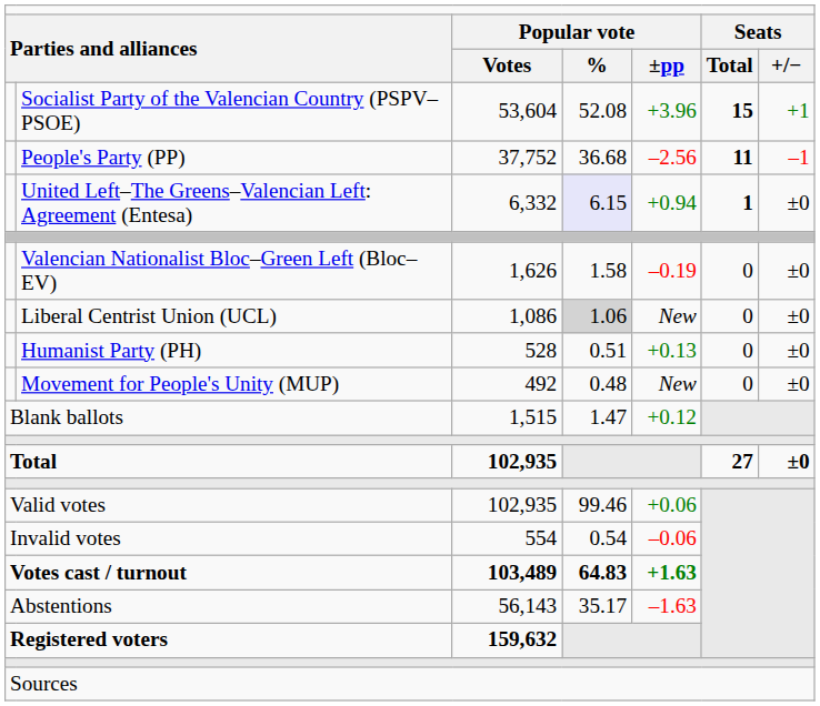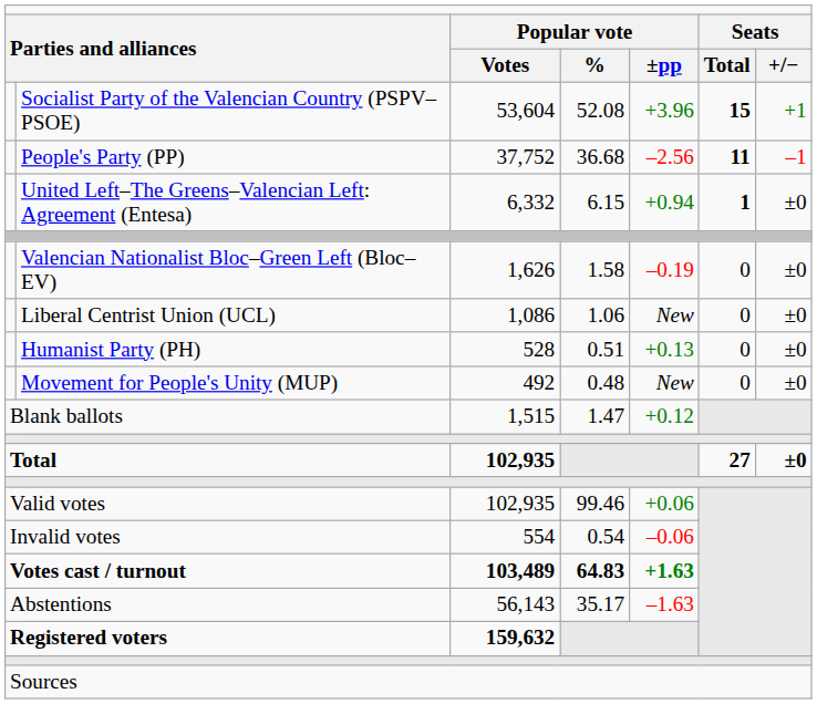 <table class="wikitable" style="text-align:right;">
 <tr>
 <td colspan="7"></td>
 </tr>
 <tr>
 <th style="text-align:left;" rowspan="2" colspan="2" width="525">Parties and alliances</th>
 <th colspan="3">Popular vote</th>
 <th colspan="2">Seats</th>
 </tr>
 <tr>
 <th width="75">Votes</th>
 <th width="45">%</th>
 <th width="45">±<a href='#'>pp</a></th>
 <th width="35">Total</th>
 <th width="35">+/−</th>
 </tr>
 <tr>
 <td width="1" style="color:inherit;background:"></td>
 <td align="left"><a href='#'>Socialist Party of the Valencian Country</a> (PSPV–PSOE)</td>
 <td>53,604</td>
 <td>52.08</td>
 <td style="color:green;">+3.96</td>
 <td><strong>15</strong></td>
 <td style="color:green;">+1</td>
 </tr>
 <tr>
 <td style="color:inherit;background:"></td>
 <td align="left"><a href='#'>People's Party</a> (PP)</td>
 <td>37,752</td>
 <td>36.68</td>
 <td style="color:red;">–2.56</td>
 <td><strong>11</strong></td>
 <td style="color:red;">–1</td>
 </tr>
 <tr>
 <td style="color:inherit;background:"></td>
 <td align="left"><a href='#'>United Left</a>–<a href='#'>The Greens</a>–<a href='#'>Valencian Left</a>: <a href='#'>Agreement</a> (Entesa)</td>
 <td>6,332</td>
-<td style="background: lavender;">6.15</td>
+<td>6.15</td>
 <td style="color:green;">+0.94</td>
 <td><strong>1</strong></td>
 <td>±0</td>
 </tr>
 <tr>
 <td colspan="7" bgcolor="#C0C0C0"></td>
 </tr>
 <tr>
 <td style="color:inherit;background:"></td>
 <td align="left"><a href='#'>Valencian Nationalist Bloc</a>–<a href='#'>Green Left</a> (Bloc–EV)</td>
 <td>1,626</td>
 <td>1.58</td>
 <td style="color:red;">–0.19</td>
 <td>0</td>
 <td>±0</td>
 </tr>
 <tr>
 <td style="color:inherit;background:"></td>
 <td align="left">Liberal Centrist Union (UCL)</td>
 <td>1,086</td>
-<td style="background: lightgrey;">1.06</td>
+<td>1.06</td>
 <td><em>New</em></td>
 <td>0</td>
 <td>±0</td>
 </tr>
 <tr>
 <td style="color:inherit;background:"></td>
 <td align="left"><a href='#'>Humanist Party</a> (PH)</td>
 <td>528</td>
 <td>0.51</td>
 <td style="color:green;">+0.13</td>
 <td>0</td>
 <td>±0</td>
 </tr>
 <tr>
 <td style="color:inherit;background:"></td>
 <td align="left"><a href='#'>Movement for People's Unity</a> (MUP)</td>
 <td>492</td>
 <td>0.48</td>
 <td><em>New</em></td>
 <td>0</td>
 <td>±0</td>
 </tr>
 <tr>
 <td align="left" colspan="2">Blank ballots</td>
 <td>1,515</td>
 <td>1.47</td>
 <td style="color:green;">+0.12</td>
 <td bgcolor="#E9E9E9" colspan="2"></td>
 </tr>
 <tr>
 <td colspan="7" bgcolor="#E9E9E9"></td>
 </tr>
 <tr style="font-weight:bold;">
 <td align="left" colspan="2">Total</td>
 <td>102,935</td>
 <td bgcolor="#E9E9E9" colspan="2"></td>
 <td>27</td>
 <td>±0</td>
 </tr>
 <tr>
 <td colspan="7" bgcolor="#E9E9E9"></td>
 </tr>
 <tr>
 <td align="left" colspan="2">Valid votes</td>
 <td>102,935</td>
 <td>99.46</td>
 <td style="color:green;">+0.06</td>
 <td bgcolor="#E9E9E9" colspan="2" rowspan="5"></td>
 </tr>
 <tr>
 <td align="left" colspan="2">Invalid votes</td>
 <td>554</td>
 <td>0.54</td>
 <td style="color:red;">–0.06</td>
 </tr>
 <tr style="font-weight:bold;">
 <td align="left" colspan="2">Votes cast / turnout</td>
 <td>103,489</td>
 <td>64.83</td>
 <td style="color:green;">+1.63</td>
 </tr>
 <tr>
 <td align="left" colspan="2">Abstentions</td>
 <td>56,143</td>
 <td>35.17</td>
 <td style="color:red;">–1.63</td>
 </tr>
 <tr style="font-weight:bold;">
 <td align="left" colspan="2">Registered voters</td>
 <td>159,632</td>
 <td bgcolor="#E9E9E9" colspan="2"></td>
 </tr>
 <tr>
 <td colspan="7" bgcolor="#E9E9E9"></td>
 </tr>
 <tr>
 <td align="left" colspan="7">Sources</td>
 </tr>
 </table>
